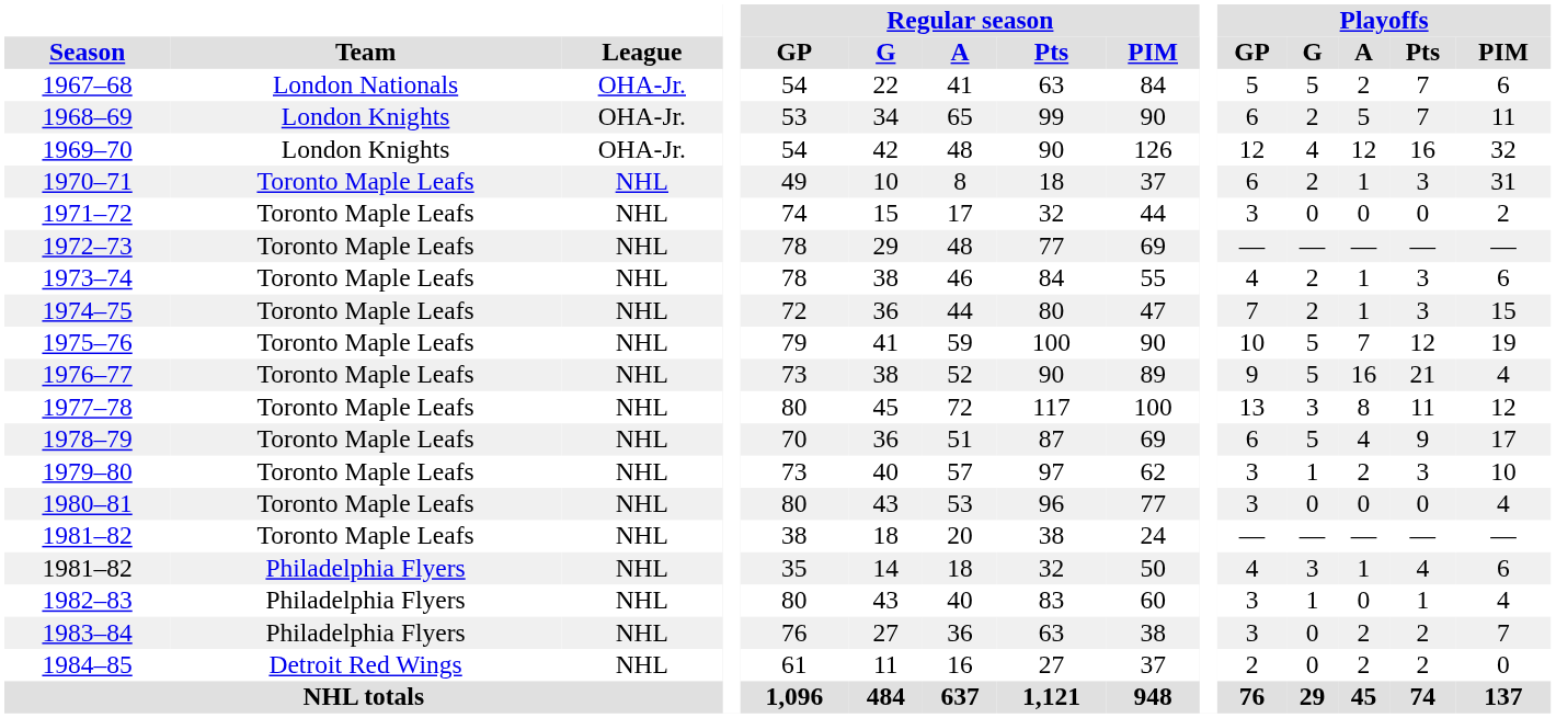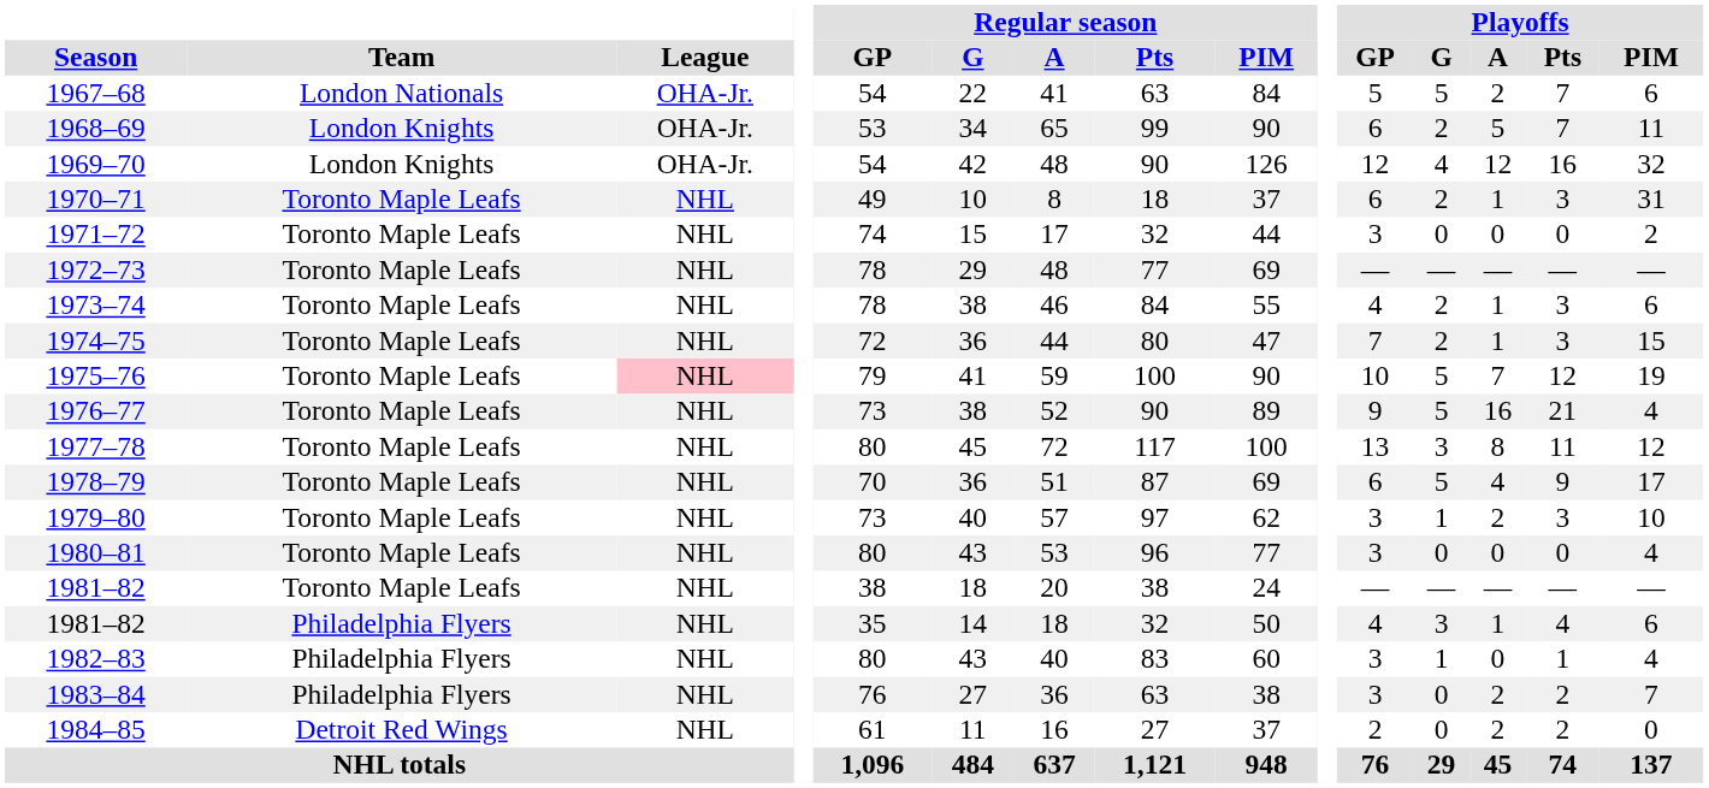 <table border="0" cellpadding="1" cellspacing="0" style="text-align:center; width:60em">
 <tr style="background:#e0e0e0;">
 <th colspan="3" style="background:#fff;"> </th>
 <th rowspan="99" style="background:#fff;"> </th>
 <th colspan="5"><a href='#'>Regular season</a></th>
 <th rowspan="99" style="background:#fff;"> </th>
 <th colspan="5"><a href='#'>Playoffs</a></th>
 </tr>
 <tr style="background:#e0e0e0;">
 <th><a href='#'>Season</a></th>
 <th>Team</th>
 <th>League</th>
 <th>GP</th>
 <th><a href='#'>G</a></th>
 <th><a href='#'>A</a></th>
 <th><a href='#'>Pts</a></th>
 <th><a href='#'>PIM</a></th>
 <th>GP</th>
 <th>G</th>
 <th>A</th>
 <th>Pts</th>
 <th>PIM</th>
 </tr>
 <tr>
 <td><a href='#'>1967–68</a></td>
 <td><a href='#'>London Nationals</a></td>
 <td><a href='#'>OHA-Jr.</a></td>
 <td>54</td>
 <td>22</td>
 <td>41</td>
 <td>63</td>
 <td>84</td>
 <td>5</td>
 <td>5</td>
 <td>2</td>
 <td>7</td>
 <td>6</td>
 </tr>
 <tr style="background:#f0f0f0;">
 <td><a href='#'>1968–69</a></td>
 <td><a href='#'>London Knights</a></td>
 <td>OHA-Jr.</td>
 <td>53</td>
 <td>34</td>
 <td>65</td>
 <td>99</td>
 <td>90</td>
 <td>6</td>
 <td>2</td>
 <td>5</td>
 <td>7</td>
 <td>11</td>
 </tr>
 <tr>
 <td><a href='#'>1969–70</a></td>
 <td>London Knights</td>
 <td>OHA-Jr.</td>
 <td>54</td>
 <td>42</td>
 <td>48</td>
 <td>90</td>
 <td>126</td>
 <td>12</td>
 <td>4</td>
 <td>12</td>
 <td>16</td>
 <td>32</td>
 </tr>
 <tr style="background:#f0f0f0;">
 <td><a href='#'>1970–71</a></td>
 <td><a href='#'>Toronto Maple Leafs</a></td>
 <td><a href='#'>NHL</a></td>
 <td>49</td>
 <td>10</td>
 <td>8</td>
 <td>18</td>
 <td>37</td>
 <td>6</td>
 <td>2</td>
 <td>1</td>
 <td>3</td>
 <td>31</td>
 </tr>
 <tr>
 <td><a href='#'>1971–72</a></td>
 <td>Toronto Maple Leafs</td>
 <td>NHL</td>
 <td>74</td>
 <td>15</td>
 <td>17</td>
 <td>32</td>
 <td>44</td>
 <td>3</td>
 <td>0</td>
 <td>0</td>
 <td>0</td>
 <td>2</td>
 </tr>
 <tr style="background:#f0f0f0;">
 <td><a href='#'>1972–73</a></td>
 <td>Toronto Maple Leafs</td>
 <td>NHL</td>
 <td>78</td>
 <td>29</td>
 <td>48</td>
 <td>77</td>
 <td>69</td>
 <td>—</td>
 <td>—</td>
 <td>—</td>
 <td>—</td>
 <td>—</td>
 </tr>
 <tr>
 <td><a href='#'>1973–74</a></td>
 <td>Toronto Maple Leafs</td>
 <td>NHL</td>
 <td>78</td>
 <td>38</td>
 <td>46</td>
 <td>84</td>
 <td>55</td>
 <td>4</td>
 <td>2</td>
 <td>1</td>
 <td>3</td>
 <td>6</td>
 </tr>
 <tr style="background:#f0f0f0;">
 <td><a href='#'>1974–75</a></td>
 <td>Toronto Maple Leafs</td>
 <td>NHL</td>
 <td>72</td>
 <td>36</td>
 <td>44</td>
 <td>80</td>
 <td>47</td>
 <td>7</td>
 <td>2</td>
 <td>1</td>
 <td>3</td>
 <td>15</td>
 </tr>
 <tr>
 <td><a href='#'>1975–76</a></td>
 <td>Toronto Maple Leafs</td>
-<td>NHL</td>
+<td style="background: pink;">NHL</td>
 <td>79</td>
 <td>41</td>
 <td>59</td>
 <td>100</td>
 <td>90</td>
 <td>10</td>
 <td>5</td>
 <td>7</td>
 <td>12</td>
 <td>19</td>
 </tr>
 <tr style="background:#f0f0f0;">
 <td><a href='#'>1976–77</a></td>
 <td>Toronto Maple Leafs</td>
 <td>NHL</td>
 <td>73</td>
 <td>38</td>
 <td>52</td>
 <td>90</td>
 <td>89</td>
 <td>9</td>
 <td>5</td>
 <td>16</td>
 <td>21</td>
 <td>4</td>
 </tr>
 <tr>
 <td><a href='#'>1977–78</a></td>
 <td>Toronto Maple Leafs</td>
 <td>NHL</td>
 <td>80</td>
 <td>45</td>
 <td>72</td>
 <td>117</td>
 <td>100</td>
 <td>13</td>
 <td>3</td>
 <td>8</td>
 <td>11</td>
 <td>12</td>
 </tr>
 <tr style="background:#f0f0f0;">
 <td><a href='#'>1978–79</a></td>
 <td>Toronto Maple Leafs</td>
 <td>NHL</td>
 <td>70</td>
 <td>36</td>
 <td>51</td>
 <td>87</td>
 <td>69</td>
 <td>6</td>
 <td>5</td>
 <td>4</td>
 <td>9</td>
 <td>17</td>
 </tr>
 <tr>
 <td><a href='#'>1979–80</a></td>
 <td>Toronto Maple Leafs</td>
 <td>NHL</td>
 <td>73</td>
 <td>40</td>
 <td>57</td>
 <td>97</td>
 <td>62</td>
 <td>3</td>
 <td>1</td>
 <td>2</td>
 <td>3</td>
 <td>10</td>
 </tr>
 <tr style="background:#f0f0f0;">
 <td><a href='#'>1980–81</a></td>
 <td>Toronto Maple Leafs</td>
 <td>NHL</td>
 <td>80</td>
 <td>43</td>
 <td>53</td>
 <td>96</td>
 <td>77</td>
 <td>3</td>
 <td>0</td>
 <td>0</td>
 <td>0</td>
 <td>4</td>
 </tr>
 <tr>
 <td><a href='#'>1981–82</a></td>
 <td>Toronto Maple Leafs</td>
 <td>NHL</td>
 <td>38</td>
 <td>18</td>
 <td>20</td>
 <td>38</td>
 <td>24</td>
 <td>—</td>
 <td>—</td>
 <td>—</td>
 <td>—</td>
 <td>—</td>
 </tr>
 <tr style="background:#f0f0f0;">
 <td>1981–82</td>
 <td><a href='#'>Philadelphia Flyers</a></td>
 <td>NHL</td>
 <td>35</td>
 <td>14</td>
 <td>18</td>
 <td>32</td>
 <td>50</td>
 <td>4</td>
 <td>3</td>
 <td>1</td>
 <td>4</td>
 <td>6</td>
 </tr>
 <tr>
 <td><a href='#'>1982–83</a></td>
 <td>Philadelphia Flyers</td>
 <td>NHL</td>
 <td>80</td>
 <td>43</td>
 <td>40</td>
 <td>83</td>
 <td>60</td>
 <td>3</td>
 <td>1</td>
 <td>0</td>
 <td>1</td>
 <td>4</td>
 </tr>
 <tr style="background:#f0f0f0;">
 <td><a href='#'>1983–84</a></td>
 <td>Philadelphia Flyers</td>
 <td>NHL</td>
 <td>76</td>
 <td>27</td>
 <td>36</td>
 <td>63</td>
 <td>38</td>
 <td>3</td>
 <td>0</td>
 <td>2</td>
 <td>2</td>
 <td>7</td>
 </tr>
 <tr>
 <td><a href='#'>1984–85</a></td>
 <td><a href='#'>Detroit Red Wings</a></td>
 <td>NHL</td>
 <td>61</td>
 <td>11</td>
 <td>16</td>
 <td>27</td>
 <td>37</td>
 <td>2</td>
 <td>0</td>
 <td>2</td>
 <td>2</td>
 <td>0</td>
 </tr>
 <tr style="background:#e0e0e0;">
 <th colspan="3">NHL totals</th>
 <th>1,096</th>
 <th>484</th>
 <th>637</th>
 <th>1,121</th>
 <th>948</th>
 <th>76</th>
 <th>29</th>
 <th>45</th>
 <th>74</th>
 <th>137</th>
 </tr>
 </table>
